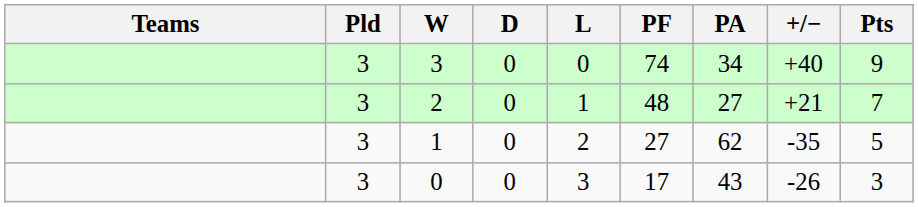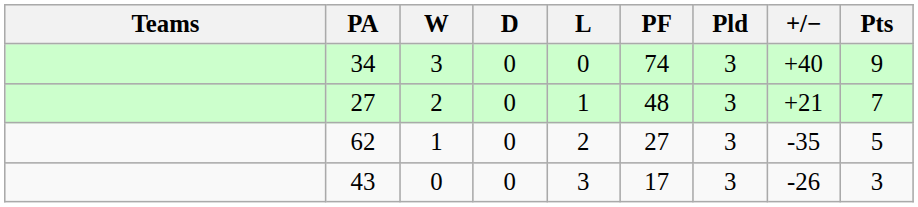 <table class="wikitable" style="text-align: center;">
 <tr>
 <th width="200">Teams</th>
-<th width="40">Pld</th>
+<th width="40">PA</th>
 <th width="40">W</th>
 <th width="40">D</th>
 <th width="40">L</th>
 <th width="40">PF</th>
-<th width="40">PA</th>
+<th width="40">Pld</th>
 <th width="40">+/−</th>
 <th width="40">Pts</th>
 </tr>
 <tr style="background:#ccffcc">
 <td align=left></td>
-<td>3</td>
+<td>34</td>
 <td>3</td>
 <td>0</td>
 <td>0</td>
 <td>74</td>
-<td>34</td>
+<td>3</td>
 <td>+40</td>
 <td>9</td>
 </tr>
 <tr style="background:#ccffcc">
 <td align=left></td>
-<td>3</td>
+<td>27</td>
 <td>2</td>
 <td>0</td>
 <td>1</td>
 <td>48</td>
-<td>27</td>
+<td>3</td>
 <td>+21</td>
 <td>7</td>
 </tr>
 <tr>
 <td align=left></td>
-<td>3</td>
+<td>62</td>
 <td>1</td>
 <td>0</td>
 <td>2</td>
 <td>27</td>
-<td>62</td>
+<td>3</td>
 <td>-35</td>
 <td>5</td>
 </tr>
 <tr>
 <td align=left></td>
-<td>3</td>
+<td>43</td>
 <td>0</td>
 <td>0</td>
 <td>3</td>
 <td>17</td>
-<td>43</td>
+<td>3</td>
 <td>-26</td>
 <td>3</td>
 </tr>
 </table>
